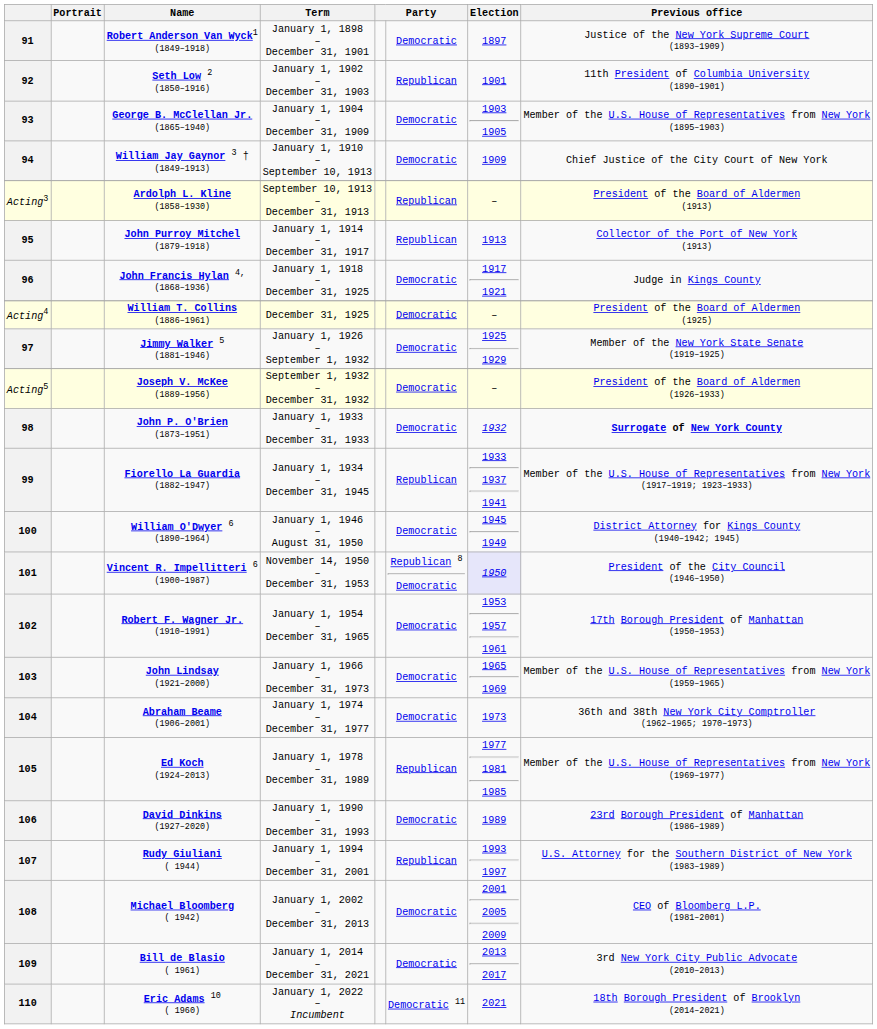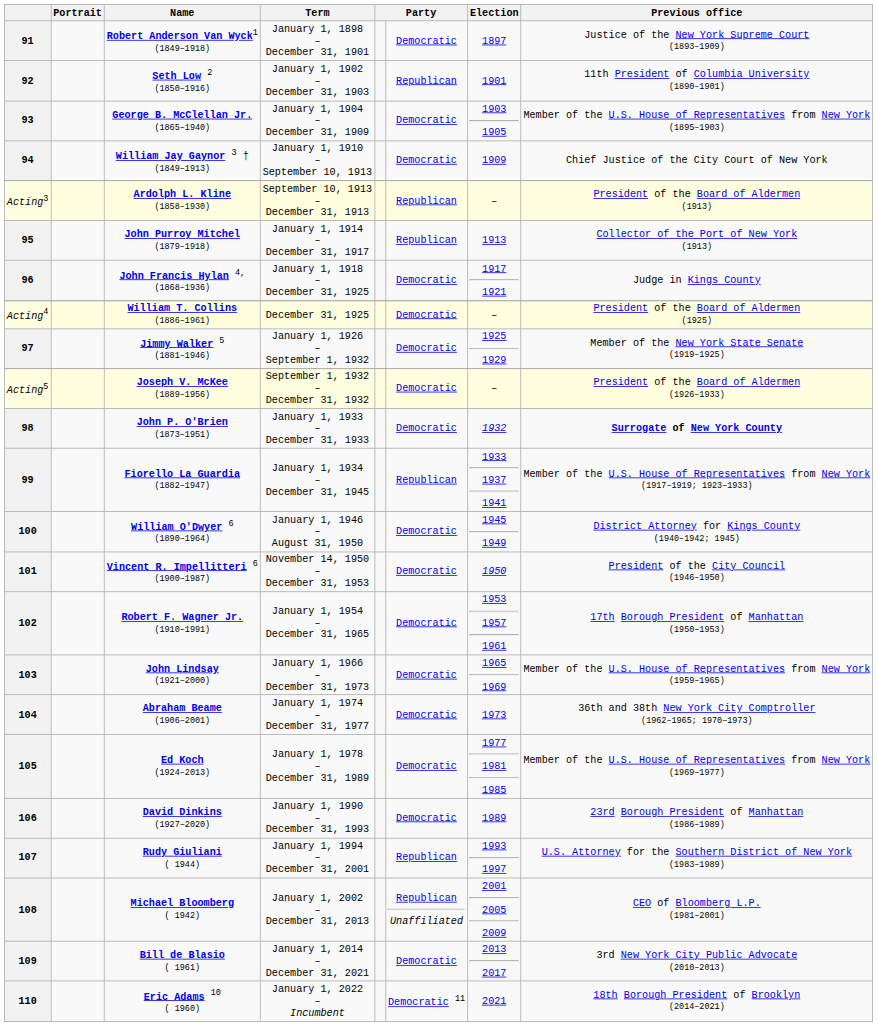 <table class="wikitable sortable" style="text-align: center;">
 <tr>
 <th></th>
 <th>Portrait</th>
 <th>Name<br></th>
 <th>Term</th>
 <th colspan="2">Party</th>
 <th>Election</th>
 <th>Previous office</th>
 </tr>
 <tr>
 <th>91</th>
 <td></td>
 <td><strong><a href='#'>Robert Anderson Van Wyck</a></strong><sup>1</sup><br><small>(1849–1918)</small></td>
 <td><span>January 1, 1898</span><br>–<br><span>December 31, 1901</span></td>
 <td style="background:"> </td>
 <td><a href='#'>Democratic</a></td>
 <td><a href='#'>1897</a></td>
 <td>Justice of the <a href='#'>New York Supreme Court</a><br><small>(1893–1909)</small></td>
 </tr>
 <tr>
 <th>92</th>
 <td></td>
 <td><strong><a href='#'>Seth Low</a></strong> <sup>2</sup><br><small>(1850–1916)</small></td>
 <td><span>January 1, 1902</span><br>–<br><span>December 31, 1903</span></td>
 <td style="background:"> </td>
 <td><a href='#'>Republican</a></td>
 <td><a href='#'>1901</a></td>
 <td>11th <a href='#'>President</a> of <a href='#'>Columbia University</a><br><small>(1890–1901)</small></td>
 </tr>
 <tr>
 <th>93</th>
 <td></td>
 <td><strong><a href='#'>George B. McClellan Jr.</a></strong><br><small>(1865–1940)</small></td>
 <td><span>January 1, 1904</span><br>–<br><span>December 31, 1909</span></td>
 <td style="background:"> </td>
 <td><a href='#'>Democratic</a></td>
 <td><a href='#'>1903</a><hr><a href='#'>1905</a></td>
 <td>Member of the <a href='#'>U.S. House of Representatives</a> from <a href='#'>New York</a><br><small>(1895–1903)</small></td>
 </tr>
 <tr>
 <th>94</th>
 <td></td>
 <td><strong><a href='#'>William Jay Gaynor</a></strong> <sup>3</sup> †<br><small>(1849–1913)</small></td>
 <td><span>January 1, 1910</span><br>–<br><span>September 10, 1913</span></td>
 <td style="background:"> </td>
 <td><a href='#'>Democratic</a></td>
 <td><a href='#'>1909</a></td>
 <td>Chief Justice of the City Court of New York</td>
 </tr>
 <tr>
 </tr>
 <tr style="background:lightyellow">
 <td><em>Acting</em><sup>3</sup></td>
 <td align=left></td>
 <td><strong><a href='#'>Ardolph L. Kline</a></strong><br><small>(1858–1930)</small></td>
 <td>September 10, 1913<br> –<br>December 31, 1913</td>
 <td style="background:"> </td>
 <td><a href='#'>Republican</a></td>
 <td>–</td>
 <td><a href='#'>President</a> of the <a href='#'>Board of Aldermen</a><br><small>(1913)</small></td>
 </tr>
 <tr>
 <th>95</th>
 <td></td>
 <td><strong><a href='#'>John Purroy Mitchel</a></strong><br><small>(1879–1918)</small></td>
 <td><span>January 1, 1914</span><br>–<br><span>December 31, 1917</span></td>
 <td style="background:"> </td>
 <td><a href='#'>Republican</a></td>
 <td><a href='#'>1913</a></td>
 <td><a href='#'>Collector of the Port of New York</a><br><small>(1913)</small></td>
 </tr>
 <tr>
 <th>96</th>
 <td></td>
 <td><strong><a href='#'>John Francis Hylan</a></strong> <sup>4,</sup><br><small>(1868–1936)</small></td>
 <td><span>January 1, 1918</span><br>–<br><span>December 31, 1925</span></td>
 <td style="background:"> </td>
 <td><a href='#'>Democratic</a></td>
 <td><a href='#'>1917</a><hr><a href='#'>1921</a></td>
 <td>Judge in <a href='#'>Kings County</a></td>
 </tr>
 <tr>
 </tr>
 <tr style="background:lightyellow">
 <td><em>Acting</em><sup>4</sup></td>
 <td></td>
 <td align=center><strong><a href='#'>William T. Collins</a></strong><br><small>(1886–1961)</small></td>
 <td>December 31, 1925</td>
 <td style="background:"> </td>
 <td><a href='#'>Democratic</a></td>
 <td>–</td>
 <td><a href='#'>President</a> of the <a href='#'>Board of Aldermen</a><br><small>(1925)</small></td>
 </tr>
 <tr>
 <th>97</th>
 <td></td>
 <td><strong><a href='#'>Jimmy Walker</a></strong> <sup>5</sup><br><small>(1881–1946)</small></td>
 <td><span>January 1, 1926</span><br>–<br><span>September 1, 1932</span></td>
 <td style="background:"> </td>
 <td><a href='#'>Democratic</a></td>
 <td><a href='#'>1925</a><hr><a href='#'>1929</a></td>
 <td>Member of the <a href='#'>New York State Senate</a><br><small>(1919–1925)</small></td>
 </tr>
 <tr>
 </tr>
 <tr style="background:lightyellow">
 <td><em>Acting</em><sup>5</sup></td>
 <td align=center></td>
 <td><strong><a href='#'>Joseph V. McKee</a></strong><br><small>(1889–1956)</small></td>
 <td><span>September 1, 1932</span><br> –<br><span>December 31, 1932</span></td>
 <td style="background:"> </td>
 <td><a href='#'>Democratic</a></td>
 <td>–</td>
 <td><a href='#'>President</a> of the <a href='#'>Board of Aldermen</a><br><small>(1926–1933)</small></td>
 </tr>
 <tr>
 <th>98</th>
 <td></td>
 <td><strong><a href='#'>John P. O'Brien</a></strong><br><small>(1873–1951)</small></td>
 <td><span>January 1, 1933</span><br>–<br><span>December 31, 1933</span></td>
 <td style="background:"> </td>
 <td><a href='#'>Democratic</a></td>
 <td><em><a href='#'>1932</a></em></td>
 <td><strong><a href='#'>Surrogate</a> of <a href='#'>New York County</a></strong></td>
 </tr>
 <tr>
 <th>99</th>
 <td></td>
 <td><strong><a href='#'>Fiorello La Guardia</a></strong><br><small>(1882–1947)</small></td>
 <td><span>January 1, 1934</span><br>–<br><span> December 31, 1945</span></td>
 <td style="background:"> </td>
 <td><a href='#'>Republican</a></td>
 <td><a href='#'>1933</a><hr><a href='#'>1937</a><hr><a href='#'>1941</a></td>
 <td>Member of the <a href='#'>U.S. House of Representatives</a> from <a href='#'>New York</a><br><small>(1917–1919; 1923–1933)</small></td>
 </tr>
 <tr>
 <th>100</th>
 <td></td>
 <td><strong><a href='#'>William O'Dwyer</a></strong> <sup>6</sup><br><small>(1890–1964)</small></td>
 <td><span>January 1, 1946</span><br>–<br><span>August 31, 1950</span></td>
 <td style="background:"> </td>
 <td><a href='#'>Democratic</a></td>
 <td><a href='#'>1945</a><hr><a href='#'>1949</a></td>
 <td><a href='#'>District Attorney</a> for <a href='#'>Kings County</a><br><small>(1940–1942; 1945)</small></td>
 </tr>
 <tr>
 <th>101</th>
 <td></td>
 <td><strong><a href='#'>Vincent R. Impellitteri</a></strong> <sup>6</sup><br><small>(1900–1987)</small></td>
 <td>November 14, 1950<br> –<br>December 31, 1953<br></td>
 <td style="background:"> </td>
-<td><a href='#'>Republican</a> <sup>8</sup><hr><a href='#'>Democratic</a></td>
-<td style="background: lavender;"><em><a href='#'>1950</a></em></td>
+<td><a href='#'>Democratic</a></td>
+<td><em><a href='#'>1950</a></em></td>
 <td><a href='#'>President</a> of the <a href='#'>City Council</a><br><small>(1946–1950)</small></td>
 </tr>
 <tr>
 <th>102</th>
 <td></td>
 <td><strong><a href='#'>Robert F. Wagner Jr.</a></strong><br><small>(1910–1991)</small></td>
 <td><span>January 1, 1954</span><br>–<br><span>December 31, 1965</span></td>
 <td style="background:"> </td>
 <td><a href='#'>Democratic</a></td>
 <td><a href='#'>1953</a><hr><a href='#'>1957</a><hr><a href='#'>1961</a></td>
 <td><a href='#'>17th</a> <a href='#'>Borough President</a> of <a href='#'>Manhattan</a><br><small>(1950–1953)</small></td>
 </tr>
 <tr>
 <th>103</th>
 <td></td>
 <td><strong><a href='#'>John Lindsay</a></strong><br><small>(1921–2000)</small></td>
 <td><span>January 1, 1966</span><br>–<br><span>December 31, 1973</span></td>
 <td style="background: linear-gradient("></td>
 <td><a href='#'>Democratic</a></td>
 <td><a href='#'>1965</a><hr><a href='#'>1969</a></td>
 <td>Member of the <a href='#'>U.S. House of Representatives</a> from <a href='#'>New York</a><br><small>(1959–1965)</small></td>
 </tr>
 <tr>
 <th>104</th>
 <td></td>
 <td><strong><a href='#'>Abraham Beame</a></strong><br><small>(1906–2001)</small></td>
 <td><span>January 1, 1974</span><br>–<br><span>December 31, 1977</span></td>
 <td style="background:"> </td>
 <td><a href='#'>Democratic</a></td>
 <td><a href='#'>1973</a></td>
 <td>36th and 38th <a href='#'>New York City Comptroller</a><br><small>(1962–1965; 1970–1973)</small></td>
 </tr>
 <tr>
 <th>105</th>
 <td></td>
 <td><strong><a href='#'>Ed Koch</a></strong><br><small>(1924–2013)</small></td>
 <td><span>January 1, 1978</span><br>–<br><span>December 31, 1989</span></td>
 <td style="background:"> </td>
-<td><a href='#'>Republican</a></td>
+<td><a href='#'>Democratic</a></td>
 <td><a href='#'>1977</a><hr><a href='#'>1981</a><hr><a href='#'>1985</a></td>
 <td>Member of the <a href='#'>U.S. House of Representatives</a> from <a href='#'>New York</a><br><small>(1969–1977)</small></td>
 </tr>
 <tr>
 <th>106</th>
 <td></td>
 <td><strong><a href='#'>David Dinkins</a></strong><br><small>(1927–2020)</small></td>
 <td><span>January 1, 1990</span><br>–<br><span>December 31, 1993</span></td>
 <td style="background:"> </td>
 <td><a href='#'>Democratic</a></td>
 <td><a href='#'>1989</a></td>
 <td><a href='#'>23rd</a> <a href='#'>Borough President</a> of <a href='#'>Manhattan</a><br><small>(1986–1989)</small></td>
 </tr>
 <tr>
 <th>107</th>
 <td></td>
 <td><strong><a href='#'>Rudy Giuliani</a></strong><br><small>( 1944)</small></td>
 <td><span>January 1, 1994</span><br>–<br><span>December 31, 2001</span></td>
 <td style="background:"> </td>
 <td><a href='#'>Republican</a></td>
 <td><a href='#'>1993</a><hr><a href='#'>1997</a></td>
 <td><a href='#'>U.S. Attorney</a> for the <a href='#'>Southern District of New York</a><br><small>(1983–1989)</small></td>
 </tr>
 <tr>
 <th>108</th>
 <td></td>
 <td><strong><a href='#'>Michael Bloomberg</a></strong><br><small>( 1942)</small></td>
 <td><span>January 1, 2002</span><br>–<br><span>December 31, 2013</span></td>
 <td style="background: linear-gradient("></td>
-<td><a href='#'>Democratic</a></td>
+<td><a href='#'>Republican</a> <hr> <em>Unaffiliated</em></td>
 <td><a href='#'>2001</a><hr><a href='#'>2005</a><hr><a href='#'>2009</a></td>
 <td><a href='#'>CEO</a> of <a href='#'>Bloomberg L.P.</a><br><small>(1981–2001)</small></td>
 </tr>
 <tr>
 <th>109</th>
 <td></td>
 <td><strong><a href='#'>Bill de Blasio</a></strong><br><small>( 1961)</small></td>
 <td><span>January 1, 2014</span><br>–<br><span>December 31, 2021</span></td>
 <td style="background:"> </td>
 <td><a href='#'>Democratic</a></td>
 <td><a href='#'>2013</a><hr><a href='#'>2017</a></td>
 <td>3rd <a href='#'>New York City Public Advocate</a><br><small>(2010–2013)</small></td>
 </tr>
 <tr>
 <th>110</th>
 <td></td>
 <td><strong><a href='#'>Eric Adams</a></strong> <sup>10</sup><br><small>( 1960)</small></td>
 <td><span>January 1, 2022</span><br>–<br><span><em>Incumbent</em> </span></td>
 <td style="background:"> </td>
 <td><a href='#'>Democratic</a> <sup>11</sup></td>
 <td><a href='#'>2021</a></td>
 <td><a href='#'>18th</a> <a href='#'>Borough President</a> of <a href='#'>Brooklyn</a> <br><small>(2014–2021)</small></td>
 </tr>
 </table>
